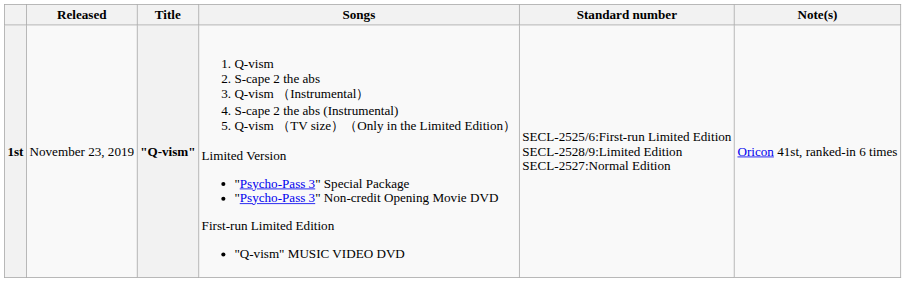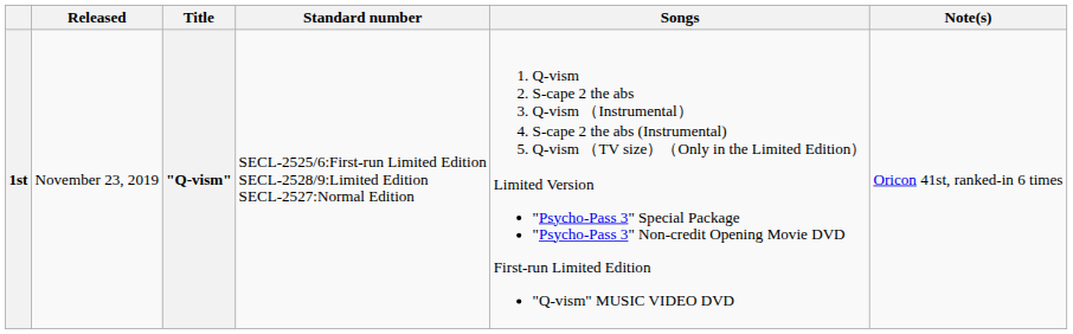 <table class="wikitable plainrowheaders">
 <tr>
 <th> </th>
 <th scope="col" rowspan="1">Released</th>
 <th scope="col" rowspan="1">Title</th>
+<th scope="col" rowspan="1">Standard number</th>
 <th scope="col" rowspan="1">Songs</th>
-<th scope="col" rowspan="1">Standard number</th>
 <th scope="col" rowspan="1">Note(s)</th>
 </tr>
 <tr>
 <th>1st</th>
 <td>November 23, 2019 </td>
 <th scope="row">"Q-vism"</th>
+<td>SECL-2525/6:First-run Limited Edition<br>SECL-2528/9:Limited Edition<br>SECL-2527:Normal Edition</td>
 <td><br><ol><li>Q-vism</li><li>S-cape 2 the abs</li><li>Q-vism （Instrumental）</li><li>S-cape 2 the abs (Instrumental)</li><li>Q-vism （TV size）（Only in the Limited Edition）</li></ol>Limited Version<ul><li>"<a href='#'>Psycho-Pass 3</a>" Special Package</li><li>"<a href='#'>Psycho-Pass 3</a>" Non-credit Opening Movie DVD</li></ul>First-run Limited Edition<ul><li>"Q-vism" MUSIC VIDEO DVD</li></ul></td>
-<td>SECL-2525/6:First-run Limited Edition<br>SECL-2528/9:Limited Edition<br>SECL-2527:Normal Edition</td>
 <td><a href='#'>Oricon</a> 41st, ranked-in 6 times<br></td>
 </tr>
 </table>
